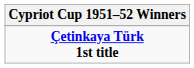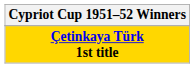 <table class="wikitable" style="text-align:center;margin: 0 auto;">
 <tr>
 <th>Cypriot Cup 1951–52 Winners</th>
 </tr>
 <tr>
 </tr>
 <tr>
-<td><strong><a href='#'>Çetinkaya Türk</a></strong><br><strong>1st title</strong></td>
+<td style="background: gold;"><strong><a href='#'>Çetinkaya Türk</a></strong><br><strong>1st title</strong></td>
 </tr>
 </table>
